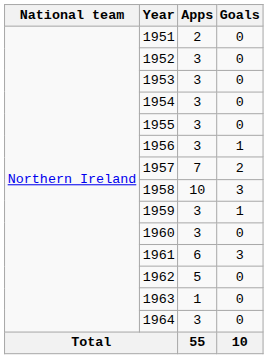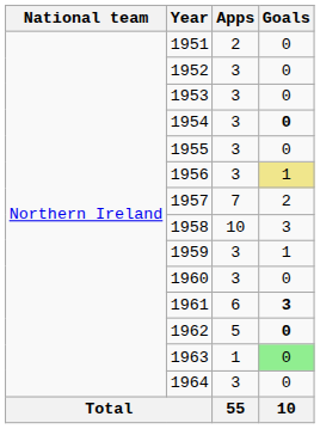 <table class=wikitable style="text-align: center">
 <tr>
 <th>National team</th>
 <th>Year</th>
 <th>Apps</th>
 <th>Goals</th>
 </tr>
 <tr>
 <td rowspan=14><a href='#'>Northern Ireland</a></td>
 <td>1951</td>
 <td>2</td>
 <td>0</td>
 </tr>
 <tr>
 <td>1952</td>
 <td>3</td>
 <td>0</td>
 </tr>
 <tr>
 <td>1953</td>
 <td>3</td>
 <td>0</td>
 </tr>
 <tr>
 <td>1954</td>
 <td>3</td>
-<td>0</td>
+<td><strong>0</strong></td>
 </tr>
 <tr>
 <td>1955</td>
 <td>3</td>
 <td>0</td>
 </tr>
 <tr>
 <td>1956</td>
 <td>3</td>
-<td>1</td>
+<td style="background: khaki;">1</td>
 </tr>
 <tr>
 <td>1957</td>
 <td>7</td>
 <td>2</td>
 </tr>
 <tr>
 <td>1958</td>
 <td>10</td>
 <td>3</td>
 </tr>
 <tr>
 <td>1959</td>
 <td>3</td>
 <td>1</td>
 </tr>
 <tr>
 <td>1960</td>
 <td>3</td>
 <td>0</td>
 </tr>
 <tr>
 <td>1961</td>
 <td>6</td>
-<td>3</td>
+<td><strong>3</strong></td>
 </tr>
 <tr>
 <td>1962</td>
 <td>5</td>
-<td>0</td>
+<td><strong>0</strong></td>
 </tr>
 <tr>
 <td>1963</td>
 <td>1</td>
-<td>0</td>
+<td style="background: lightgreen;">0</td>
 </tr>
 <tr>
 <td>1964</td>
 <td>3</td>
 <td>0</td>
 </tr>
 <tr>
 <th colspan=2>Total</th>
 <th>55</th>
 <th>10</th>
 </tr>
 </table>
